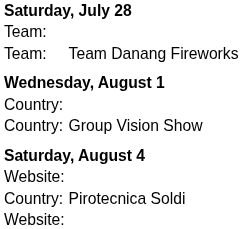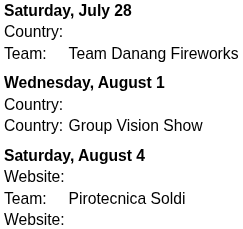 <table border="0">
 <tr>
 <td colspan="2"><strong>Saturday, July 28</strong></td>
 </tr>
 <tr>
-<td>Team:</td>
+<td>Country:</td>
 <td></td>
 </tr>
 <tr>
 <td>Team:</td>
 <td>Team Danang Fireworks</td>
 </tr>
 <tr>
 <td colspan="2"></td>
 </tr>
 <tr>
 <td></td>
 </tr>
 <tr>
 <td colspan="2"><strong>Wednesday, August 1</strong></td>
 </tr>
 <tr>
 <td>Country:</td>
 <td></td>
 </tr>
 <tr>
 <td>Country:</td>
 <td>Group Vision Show</td>
 </tr>
 <tr>
 <td colspan="2"></td>
 </tr>
 <tr>
 <td></td>
 </tr>
 <tr>
 <td colspan="2"><strong>Saturday, August 4</strong></td>
 </tr>
 <tr>
 <td>Website:</td>
 <td></td>
 </tr>
 <tr>
-<td>Country:</td>
+<td>Team:</td>
 <td>Pirotecnica Soldi</td>
 </tr>
 <tr>
 <td>Website:</td>
 <td></td>
 </tr>
 <tr>
 <td colspan="2"></td>
 </tr>
 </table>
